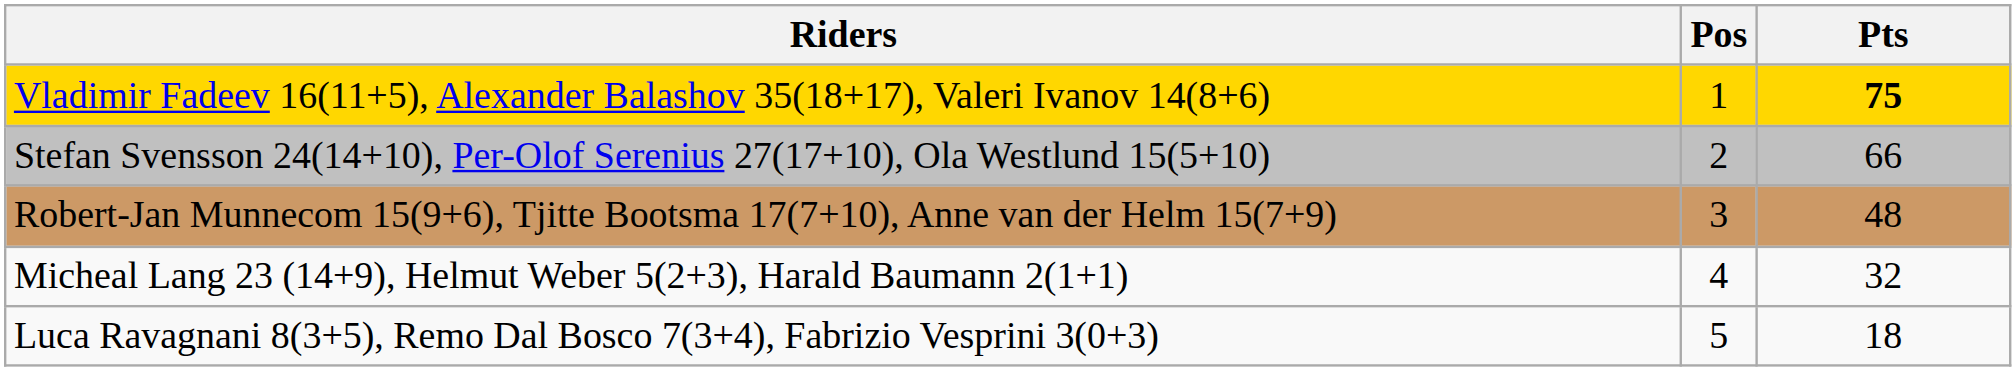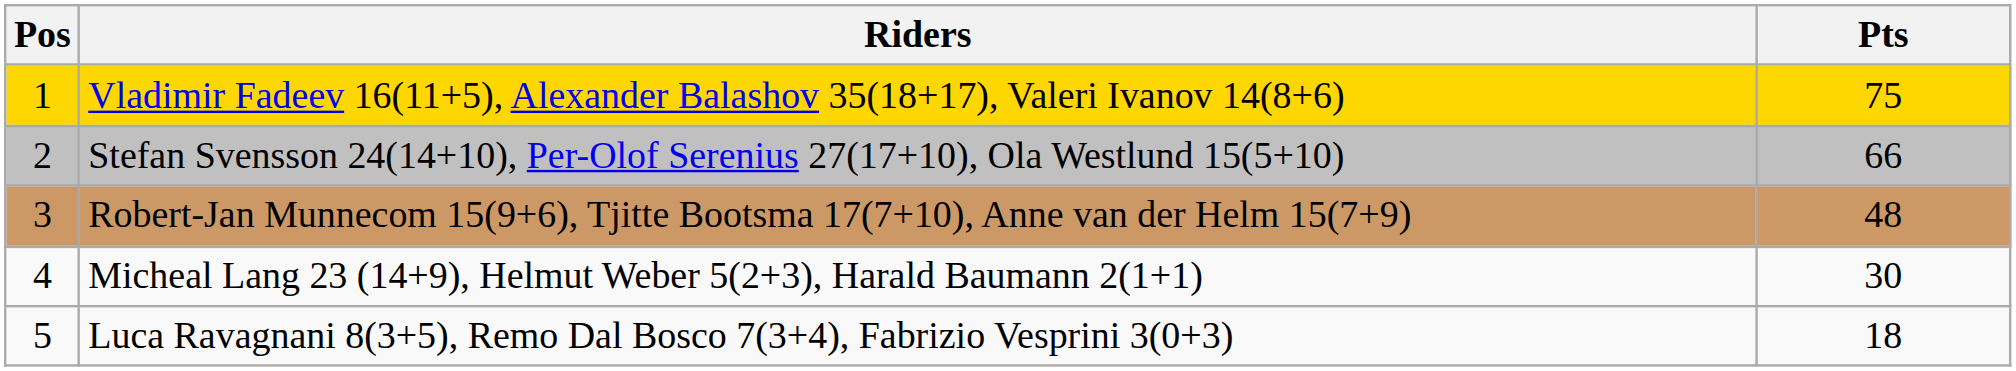 <table class="wikitable" style="font-size: 100%">
 <tr>
+<th width=20>Pos</th>
 <th width=700>Riders</th>
-<th width=20>Pos</th>
 <th width=100>Pts</th>
 </tr>
 <tr align=center style="background-color: gold;">
+<td>1</td>
 <td align="left"> <a href='#'>Vladimir Fadeev</a> 16(11+5), <a href='#'>Alexander Balashov</a> 35(18+17), Valeri Ivanov 14(8+6)</td>
-<td>1</td>
-<td><strong>75</strong></td>
+<td>75</td>
 </tr>
 <tr align=center style="background-color: silver;">
+<td>2</td>
 <td align="left"> Stefan Svensson 24(14+10), <a href='#'>Per-Olof Serenius</a> 27(17+10), Ola Westlund 15(5+10)</td>
-<td>2</td>
 <td>66</td>
 </tr>
 <tr align=center style="background-color: #cc9966;">
+<td>3</td>
 <td align="left"> Robert-Jan Munnecom 15(9+6), Tjitte Bootsma 17(7+10), Anne van der Helm 15(7+9)</td>
-<td>3</td>
 <td>48</td>
 </tr>
 <tr align=center>
+<td>4</td>
 <td align="left"> Micheal Lang 23 (14+9), Helmut Weber 5(2+3), Harald Baumann 2(1+1)</td>
-<td>4</td>
-<td>32</td>
+<td>30</td>
 </tr>
 <tr align=center>
+<td>5</td>
 <td align="left"> Luca Ravagnani 8(3+5), Remo Dal Bosco 7(3+4), Fabrizio Vesprini 3(0+3)</td>
-<td>5</td>
 <td>18</td>
 </tr>
 </table>
